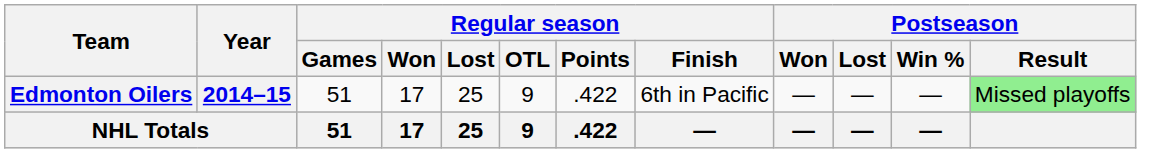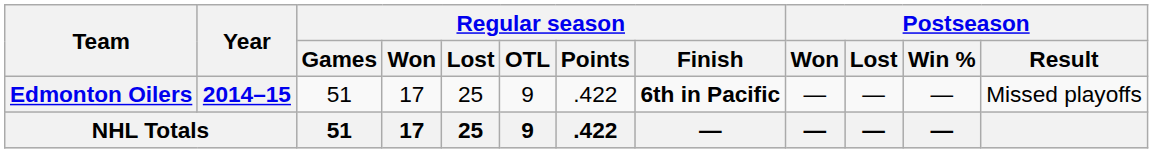 <table class="wikitable" style="font-size: 95%; text-align:center;">
 <tr>
 <th rowspan="2">Team</th>
 <th rowspan="2">Year</th>
 <th colspan="6"><a href='#'>Regular season</a></th>
 <th colspan="4"><a href='#'>Postseason</a></th>
 </tr>
 <tr>
 <th>Games</th>
 <th>Won</th>
 <th>Lost</th>
 <th>OTL</th>
 <th>Points</th>
 <th>Finish</th>
 <th>Won</th>
 <th>Lost</th>
 <th>Win %</th>
 <th>Result</th>
 </tr>
 <tr>
 <th><a href='#'>Edmonton Oilers</a></th>
 <th><a href='#'>2014–15</a></th>
 <td>51</td>
 <td>17</td>
 <td>25</td>
 <td>9</td>
 <td>.422</td>
-<td>6th in Pacific</td>
+<td><strong>6th in Pacific</strong></td>
 <td>—</td>
 <td>—</td>
 <td>—</td>
-<td style="background: lightgreen;">Missed playoffs</td>
+<td>Missed playoffs</td>
 </tr>
 <tr>
 <th colspan="2">NHL Totals</th>
 <th>51</th>
 <th>17</th>
 <th>25</th>
 <th>9</th>
 <th>.422</th>
 <th>—</th>
 <th>—</th>
 <th>—</th>
 <th>—</th>
 <th></th>
 </tr>
 </table>
